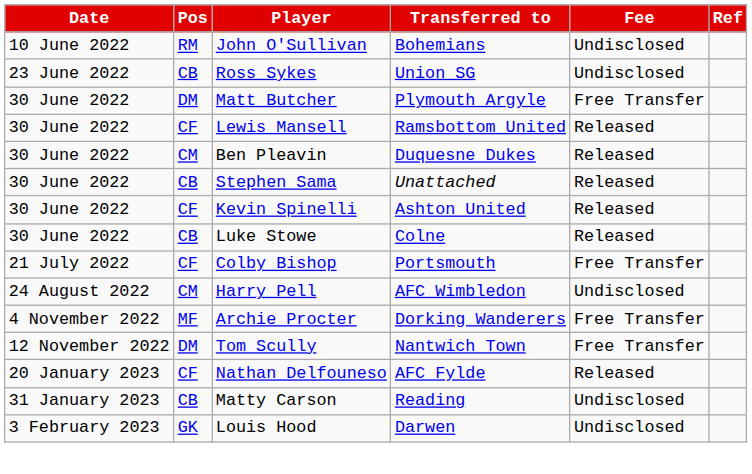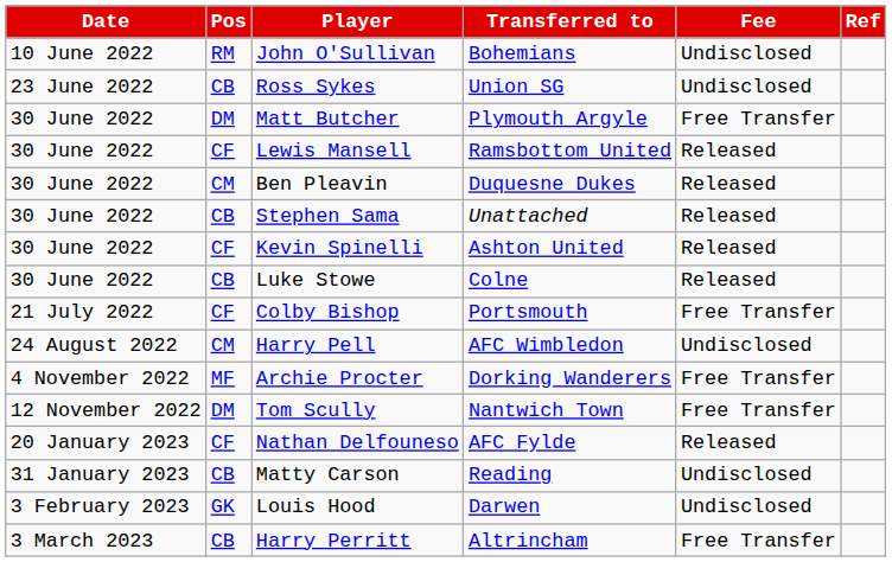 <table class="wikitable plainrowheaders sortable">
 <tr>
 <th style="background:#E00000; color:#ffffff; ">Date</th>
 <th style="background:#E00000; color:#ffffff; ">Pos</th>
 <th style="background:#E00000; color:#ffffff; ">Player</th>
 <th style="background:#E00000; color:#ffffff; ">Transferred to</th>
 <th style="background:#E00000; color:#ffffff; ">Fee</th>
 <th style="background:#E00000; color:#ffffff; ">Ref</th>
 </tr>
 <tr>
 <td>10 June 2022</td>
 <td><a href='#'>RM</a></td>
 <td> <a href='#'>John O'Sullivan</a></td>
 <td> <a href='#'>Bohemians</a></td>
 <td>Undisclosed</td>
 <td></td>
 </tr>
 <tr>
 <td>23 June 2022</td>
 <td><a href='#'>CB</a></td>
 <td> <a href='#'>Ross Sykes</a></td>
 <td> <a href='#'>Union SG</a></td>
 <td>Undisclosed</td>
 <td></td>
 </tr>
 <tr>
 <td>30 June 2022</td>
 <td><a href='#'>DM</a></td>
 <td> <a href='#'>Matt Butcher</a></td>
 <td> <a href='#'>Plymouth Argyle</a></td>
 <td>Free Transfer</td>
 <td></td>
 </tr>
 <tr>
 <td>30 June 2022</td>
 <td><a href='#'>CF</a></td>
 <td> <a href='#'>Lewis Mansell</a></td>
 <td> <a href='#'>Ramsbottom United</a></td>
 <td>Released</td>
 <td></td>
 </tr>
 <tr>
 <td>30 June 2022</td>
 <td><a href='#'>CM</a></td>
 <td> Ben Pleavin</td>
 <td> <a href='#'>Duquesne Dukes</a></td>
 <td>Released</td>
 <td></td>
 </tr>
 <tr>
 <td>30 June 2022</td>
 <td><a href='#'>CB</a></td>
 <td> <a href='#'>Stephen Sama</a></td>
 <td> <em>Unattached</em></td>
 <td>Released</td>
 <td></td>
 </tr>
 <tr>
 <td>30 June 2022</td>
 <td><a href='#'>CF</a></td>
 <td> <a href='#'>Kevin Spinelli</a></td>
 <td> <a href='#'>Ashton United</a></td>
 <td>Released</td>
 <td></td>
 </tr>
 <tr>
 <td>30 June 2022</td>
 <td><a href='#'>CB</a></td>
 <td> Luke Stowe</td>
 <td> <a href='#'>Colne</a></td>
 <td>Released</td>
 <td></td>
 </tr>
 <tr>
 <td>21 July 2022</td>
 <td><a href='#'>CF</a></td>
 <td> <a href='#'>Colby Bishop</a></td>
 <td> <a href='#'>Portsmouth</a></td>
 <td>Free Transfer</td>
 <td></td>
 </tr>
 <tr>
 <td>24 August 2022</td>
 <td><a href='#'>CM</a></td>
 <td> <a href='#'>Harry Pell</a></td>
 <td> <a href='#'>AFC Wimbledon</a></td>
 <td>Undisclosed</td>
 <td></td>
 </tr>
 <tr>
 <td>4 November 2022</td>
 <td><a href='#'>MF</a></td>
 <td> <a href='#'>Archie Procter</a></td>
 <td> <a href='#'>Dorking Wanderers</a></td>
 <td>Free Transfer</td>
 <td></td>
 </tr>
 <tr>
 <td>12 November 2022</td>
 <td><a href='#'>DM</a></td>
 <td> <a href='#'>Tom Scully</a></td>
 <td> <a href='#'>Nantwich Town</a></td>
 <td>Free Transfer</td>
 <td></td>
 </tr>
 <tr>
 <td>20 January 2023</td>
 <td><a href='#'>CF</a></td>
 <td> <a href='#'>Nathan Delfouneso</a></td>
 <td> <a href='#'>AFC Fylde</a></td>
 <td>Released</td>
 <td></td>
 </tr>
 <tr>
 <td>31 January 2023</td>
 <td><a href='#'>CB</a></td>
 <td> Matty Carson</td>
 <td> <a href='#'>Reading</a></td>
 <td>Undisclosed</td>
 <td></td>
 </tr>
 <tr>
 <td>3 February 2023</td>
 <td><a href='#'>GK</a></td>
 <td> Louis Hood</td>
 <td> <a href='#'>Darwen</a></td>
 <td>Undisclosed</td>
 <td></td>
 </tr>
+<tr>
+<td>3 March 2023</td>
+<td><a href='#'>CB</a></td>
+<td> <a href='#'>Harry Perritt</a></td>
+<td> <a href='#'>Altrincham</a></td>
+<td>Free Transfer</td>
+<td></td>
+</tr>
 </table>
